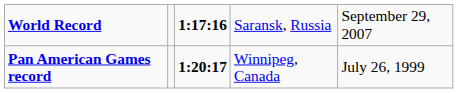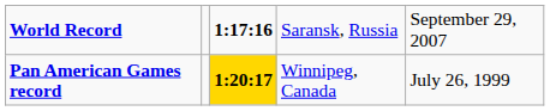 <table class="wikitable" width=75%>
 <tr>
 <td><strong><a href='#'>World Record</a></strong></td>
 <td></td>
 <td><strong>1:17:16</strong></td>
 <td><a href='#'>Saransk</a>, <a href='#'>Russia</a></td>
 <td>September 29, 2007</td>
 </tr>
 <tr>
 <td><strong><a href='#'>Pan American Games record</a></strong></td>
 <td></td>
-<td><strong>1:20:17</strong></td>
+<td style="background: gold;"><strong>1:20:17</strong></td>
 <td><a href='#'>Winnipeg</a>, <a href='#'>Canada</a></td>
 <td>July 26, 1999</td>
 </tr>
 </table>
